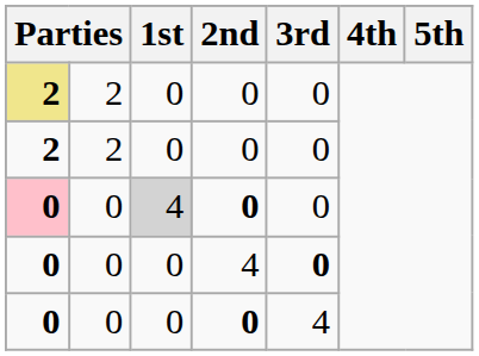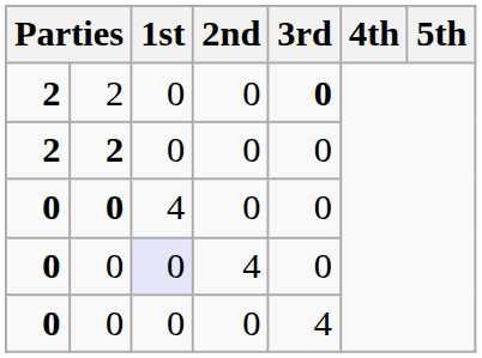 <table class="wikitable" style="text-align:right;">
 <tr>
 <th colspan=2 style="text-align:left;">Parties</th>
 <th>1st</th>
 <th>2nd</th>
 <th>3rd</th>
 <th>4th</th>
 <th>5th</th>
 </tr>
 <tr>
-<td style="background: khaki;"><strong>2</strong></td>
+<td><strong>2</strong></td>
 <td>2</td>
+<td>0</td>
+<td>0</td>
+<td><strong>0</strong></td>
+</tr>
+<tr>
+<td><strong>2</strong></td>
+<td><strong>2</strong></td>
 <td>0</td>
 <td>0</td>
 <td>0</td>
 </tr>
 <tr>
-<td><strong>2</strong></td>
-<td>2</td>
-<td>0</td>
+<td><strong>0</strong></td>
+<td><strong>0</strong></td>
+<td>4</td>
 <td>0</td>
 <td>0</td>
 </tr>
 <tr>
-<td style="background: pink;"><strong>0</strong></td>
+<td><strong>0</strong></td>
 <td>0</td>
-<td style="background: lightgrey;">4</td>
-<td><strong>0</strong></td>
+<td style="background: lavender;">0</td>
+<td>4</td>
 <td>0</td>
 </tr>
 <tr>
 <td><strong>0</strong></td>
 <td>0</td>
 <td>0</td>
-<td>4</td>
-<td><strong>0</strong></td>
-</tr>
-<tr>
-<td><strong>0</strong></td>
 <td>0</td>
-<td>0</td>
-<td><strong>0</strong></td>
 <td>4</td>
 </tr>
 </table>
